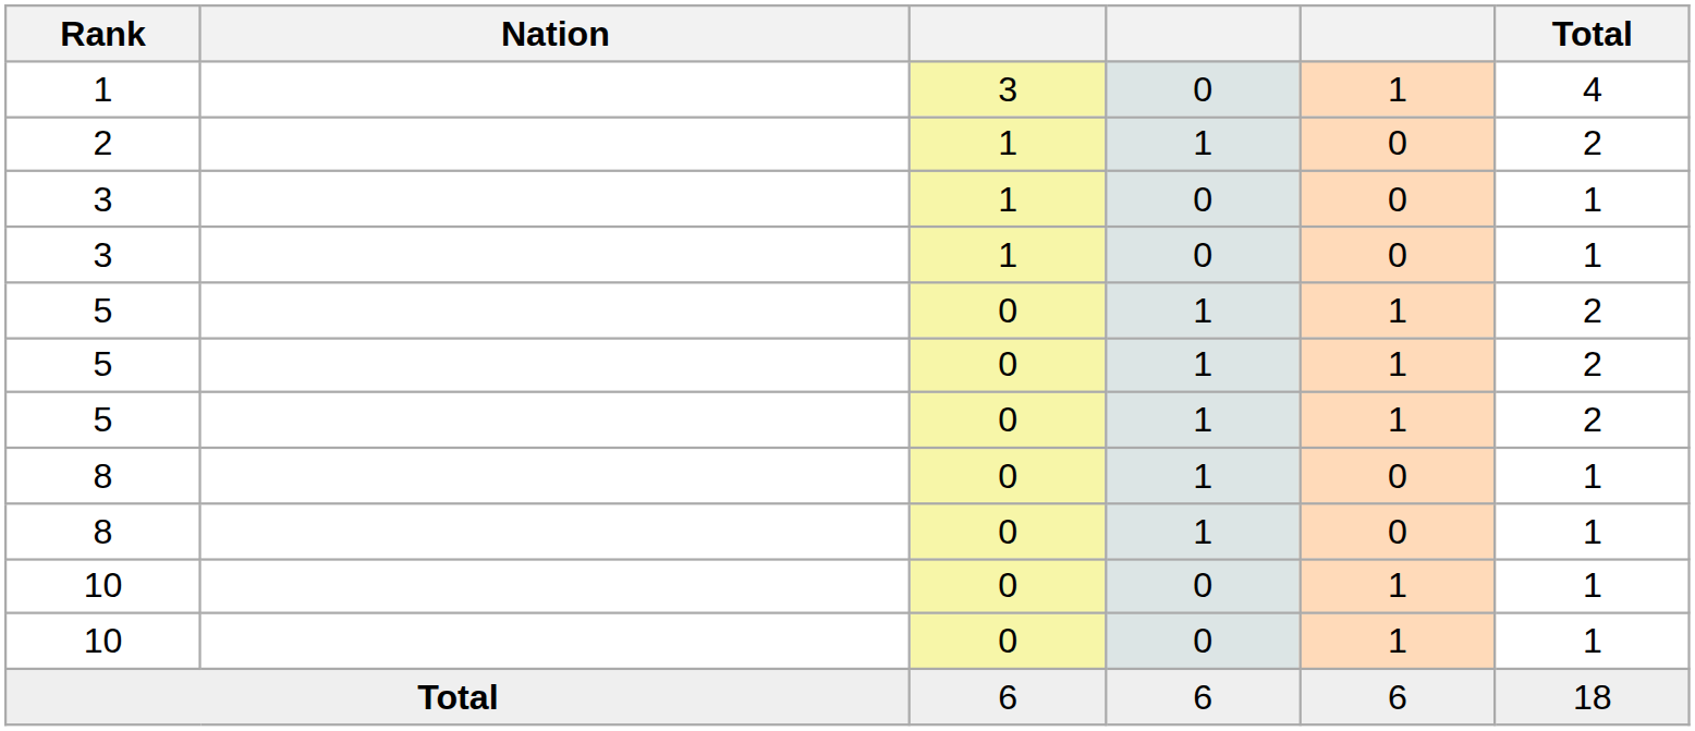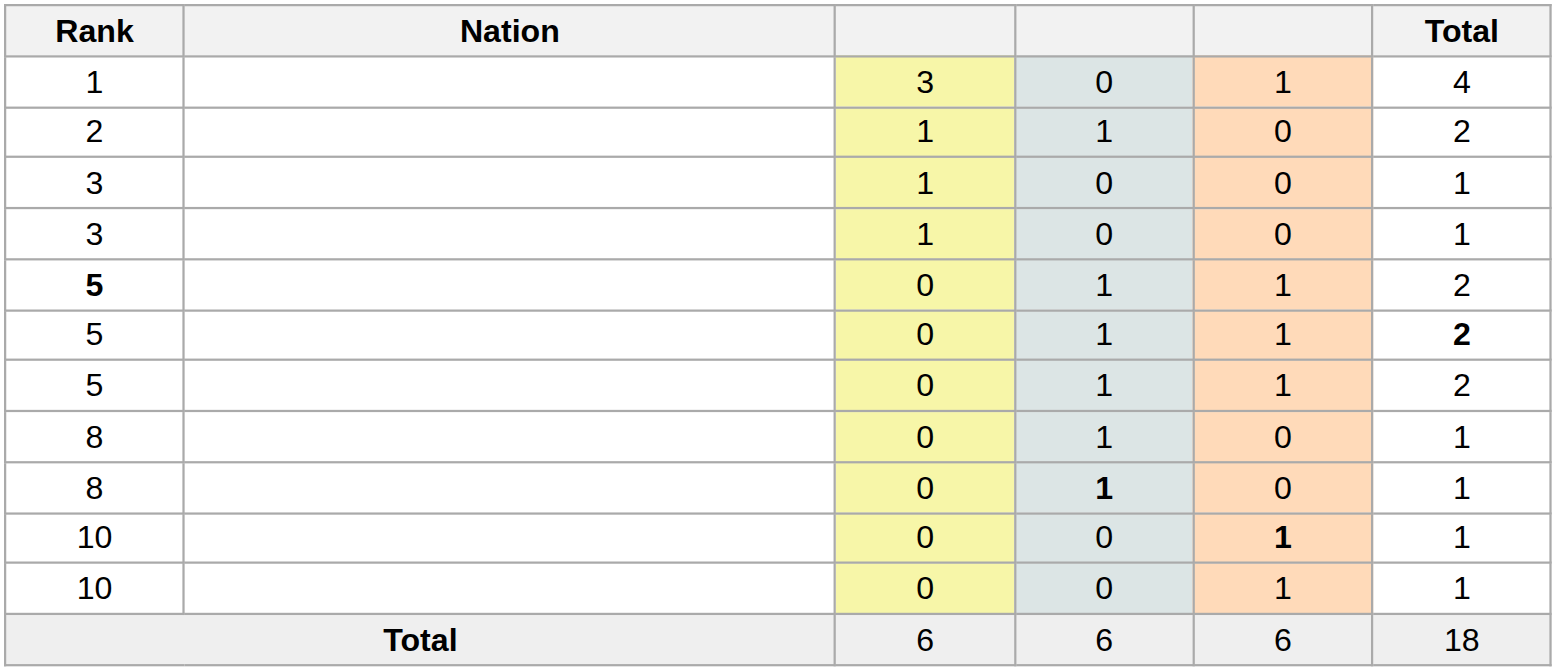 <table class=wikitable width=35% cellspacing="1" cellpadding="3" style="border:1px solid #AAAAAA;font-size:90%">
 <tr bgcolor="#EFEFEF">
 <th width=50>Rank</th>
 <th width=200>Nation</th>
 <th width=50></th>
 <th width=50></th>
 <th width=50></th>
 <th width=50>Total</th>
 </tr>
 <tr align="center" valign="top" bgcolor="#FFFFFF">
 <td rowspan="1" valign="center">1</td>
 <td align="left"></td>
 <td style="background:#F7F6A8;">3</td>
 <td style="background:#DCE5E5;">0</td>
 <td style="background:#FFDAB9;">1</td>
 <td>4</td>
 </tr>
 <tr align="center" valign="top" bgcolor="#FFFFFF">
 <td rowspan="1" valign="center">2</td>
 <td align="left"></td>
 <td style="background:#F7F6A8;">1</td>
 <td style="background:#DCE5E5;">1</td>
 <td style="background:#FFDAB9;">0</td>
 <td>2</td>
 </tr>
 <tr align="center" valign="top" bgcolor="#FFFFFF">
 <td rowspan="1" valign="center">3</td>
 <td align="left"></td>
 <td style="background:#F7F6A8;">1</td>
 <td style="background:#DCE5E5;">0</td>
 <td style="background:#FFDAB9;">0</td>
 <td>1</td>
 </tr>
 <tr align="center" valign="top" bgcolor="#FFFFFF">
 <td rowspan="1" valign="center">3</td>
 <td align="left"></td>
 <td style="background:#F7F6A8;">1</td>
 <td style="background:#DCE5E5;">0</td>
 <td style="background:#FFDAB9;">0</td>
 <td>1</td>
 </tr>
 <tr align="center" valign="top" bgcolor="#FFFFFF">
-<td rowspan="1" valign="center">5</td>
+<td rowspan="1" valign="center"><strong>5</strong></td>
 <td align="left"></td>
 <td style="background:#F7F6A8;">0</td>
 <td style="background:#DCE5E5;">1</td>
 <td style="background:#FFDAB9;">1</td>
 <td>2</td>
 </tr>
 <tr align="center" valign="top" bgcolor="#FFFFFF">
 <td rowspan="1" valign="center">5</td>
 <td align="left"></td>
 <td style="background:#F7F6A8;">0</td>
 <td style="background:#DCE5E5;">1</td>
 <td style="background:#FFDAB9;">1</td>
-<td>2</td>
+<td><strong>2</strong></td>
 </tr>
 <tr align="center" valign="top" bgcolor="#FFFFFF">
 <td rowspan="1" valign="center">5</td>
 <td align="left"></td>
 <td style="background:#F7F6A8;">0</td>
 <td style="background:#DCE5E5;">1</td>
 <td style="background:#FFDAB9;">1</td>
 <td>2</td>
 </tr>
 <tr align="center" valign="top" bgcolor="#FFFFFF">
 <td rowspan="1" valign="center">8</td>
 <td align="left"></td>
 <td style="background:#F7F6A8;">0</td>
 <td style="background:#DCE5E5;">1</td>
 <td style="background:#FFDAB9;">0</td>
 <td>1</td>
 </tr>
 <tr align="center" valign="top" bgcolor="#FFFFFF">
 <td rowspan="1" valign="center">8</td>
 <td align="left"></td>
 <td style="background:#F7F6A8;">0</td>
-<td style="background:#DCE5E5;">1</td>
+<td style="background:#DCE5E5;"><strong>1</strong></td>
 <td style="background:#FFDAB9;">0</td>
 <td>1</td>
 </tr>
 <tr align="center" valign="top" bgcolor="#FFFFFF">
 <td rowspan="1" valign="center">10</td>
 <td align="left"></td>
 <td style="background:#F7F6A8;">0</td>
 <td style="background:#DCE5E5;">0</td>
-<td style="background:#FFDAB9;">1</td>
+<td style="background:#FFDAB9;"><strong>1</strong></td>
 <td>1</td>
 </tr>
 <tr align="center" valign="top" bgcolor="#FFFFFF">
 <td rowspan="1" valign="center">10</td>
 <td align="left"></td>
 <td style="background:#F7F6A8;">0</td>
 <td style="background:#DCE5E5;">0</td>
 <td style="background:#FFDAB9;">1</td>
 <td>1</td>
 </tr>
 <tr align="center" valign="top" bgcolor="#EFEFEF">
 <td colspan="2" rowspan="1" valign="center"><strong>Total</strong></td>
 <td>6</td>
 <td>6</td>
 <td>6</td>
 <td>18</td>
 </tr>
 </table>
